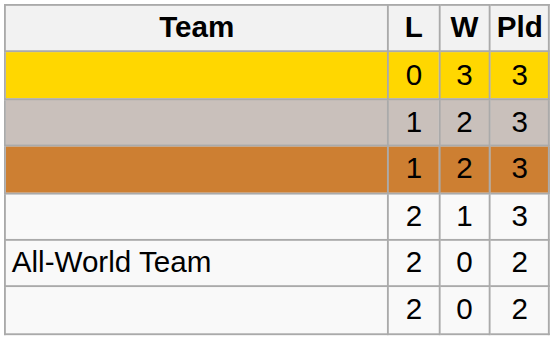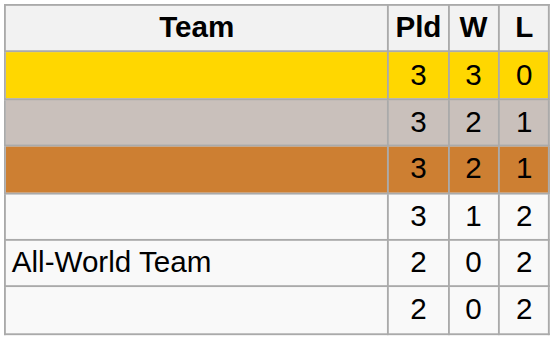 <table class="wikitable" style="text-align:center">
 <tr>
 <th width="200">Team</th>
+<th width="20">Pld</th>
+<th width="20">W</th>
 <th width="20">L</th>
-<th width="20">W</th>
-<th width="20">Pld</th>
 </tr>
 <tr style="background:#FFD700">
 <td align=left></td>
-<td>0</td>
 <td>3</td>
 <td>3</td>
+<td>0</td>
 </tr>
 <tr style="background:#C9C0BB">
 <td align=left></td>
+<td>3</td>
+<td>2</td>
 <td>1</td>
-<td>2</td>
-<td>3</td>
 </tr>
 <tr style="background:#CD7F32">
 <td align=left></td>
+<td>3</td>
+<td>2</td>
 <td>1</td>
-<td>2</td>
-<td>3</td>
 </tr>
 <tr>
 <td align=left></td>
+<td>3</td>
+<td>1</td>
 <td>2</td>
-<td>1</td>
-<td>3</td>
 </tr>
 <tr>
 <td align=left>All-World Team</td>
 <td>2</td>
 <td>0</td>
 <td>2</td>
 </tr>
 <tr>
 <td align=left></td>
 <td>2</td>
 <td>0</td>
 <td>2</td>
 </tr>
 </table>
